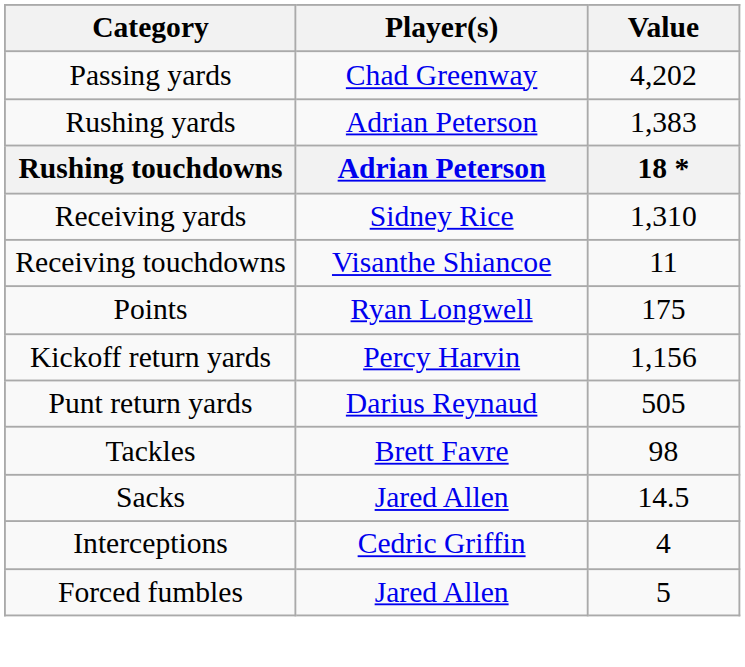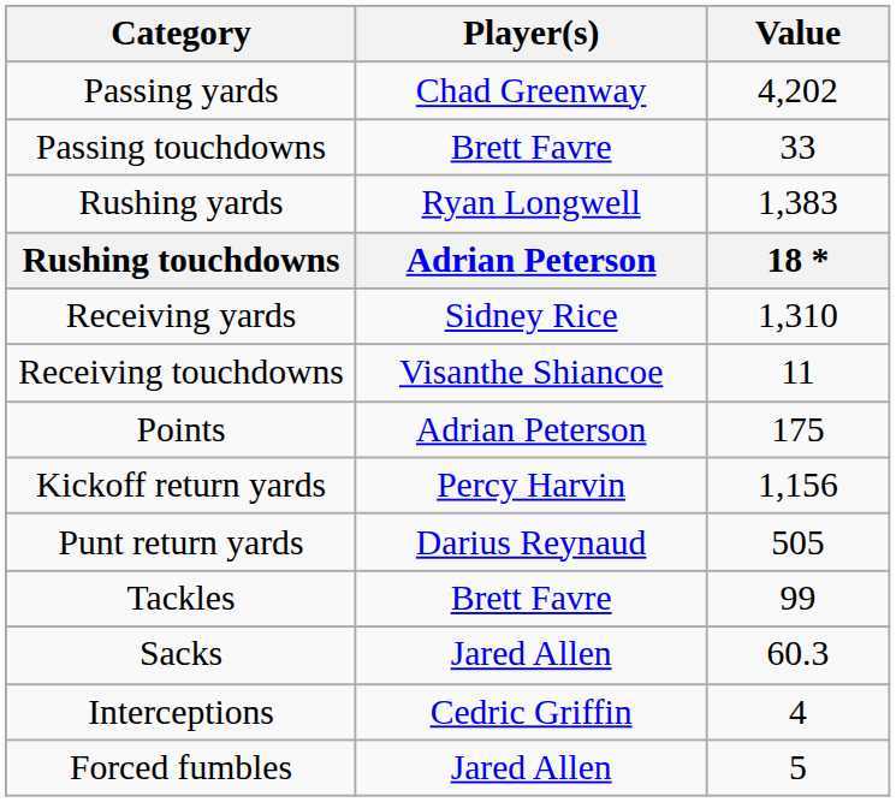 <table class="wikitable" style="text-align:center">
 <tr>
 <th width=150px>Category</th>
 <th width=150px>Player(s)</th>
 <th width=75px>Value</th>
 </tr>
 <tr>
 <td>Passing yards</td>
 <td><a href='#'>Chad Greenway</a></td>
 <td>4,202</td>
 </tr>
 <tr>
+<td>Passing touchdowns</td>
+<td><a href='#'>Brett Favre</a></td>
+<td>33</td>
+</tr>
+<tr>
 <td>Rushing yards</td>
-<td><a href='#'>Adrian Peterson</a></td>
+<td><a href='#'>Ryan Longwell</a></td>
 <td>1,383</td>
 </tr>
 <tr>
 <th>Rushing touchdowns</th>
 <th><a href='#'>Adrian Peterson</a></th>
 <th>18 *</th>
 </tr>
 <tr>
 <td>Receiving yards</td>
 <td><a href='#'>Sidney Rice</a></td>
 <td>1,310</td>
 </tr>
 <tr>
 <td>Receiving touchdowns</td>
 <td><a href='#'>Visanthe Shiancoe</a></td>
 <td>11</td>
 </tr>
 <tr>
 <td>Points</td>
-<td><a href='#'>Ryan Longwell</a></td>
+<td><a href='#'>Adrian Peterson</a></td>
 <td>175</td>
 </tr>
 <tr>
 <td>Kickoff return yards</td>
 <td><a href='#'>Percy Harvin</a></td>
 <td>1,156</td>
 </tr>
 <tr>
 <td>Punt return yards</td>
 <td><a href='#'>Darius Reynaud</a></td>
 <td>505</td>
 </tr>
 <tr>
 <td>Tackles</td>
 <td><a href='#'>Brett Favre</a></td>
-<td>98</td>
+<td>99</td>
 </tr>
 <tr>
 <td>Sacks</td>
 <td><a href='#'>Jared Allen</a></td>
-<td>14.5</td>
+<td>60.3</td>
 </tr>
 <tr>
 <td>Interceptions</td>
 <td><a href='#'>Cedric Griffin</a></td>
 <td>4</td>
 </tr>
 <tr>
 <td>Forced fumbles</td>
 <td><a href='#'>Jared Allen</a></td>
 <td>5</td>
 </tr>
 </table>
